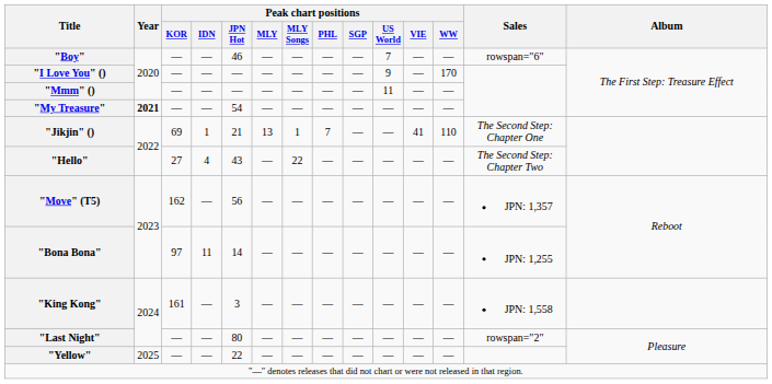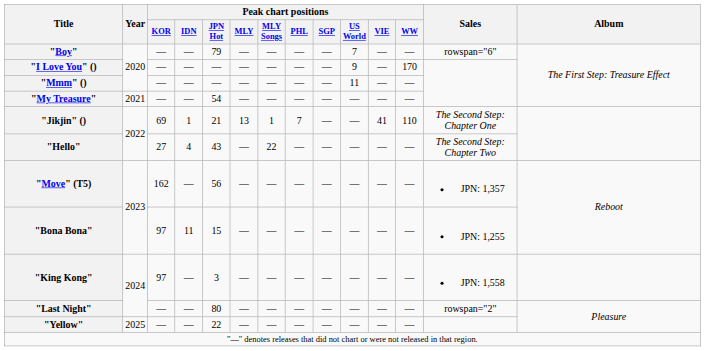 <table class="wikitable plainrowheaders" style="text-align:center;">
 <tr>
 <th scope="col" rowspan="2" style="width:11.5em;">Title</th>
 <th scope="col" rowspan="2" style="width:2em;">Year</th>
 <th scope="col" colspan="10">Peak chart positions</th>
 <th scope="col" rowspan="2" style="width:9em;">Sales</th>
 <th scope="col" rowspan="2" style="width:18em;">Album</th>
 </tr>
 <tr>
 <th scope="col" style="width:2.8em;font-size:85%;"><a href='#'>KOR</a><br></th>
 <th scope="col" style="width:2.8em;font-size:85%"><a href='#'>IDN</a><br></th>
 <th scope="col" style="width:2.8em;font-size:85%"><a href='#'>JPN<br>Hot</a><br></th>
 <th scope="col" style="width:2.8em;font-size:85%;"><a href='#'>MLY</a><br></th>
 <th scope="col" style="width:2.8em;font-size:85%"><a href='#'>MLY<br>Songs</a><br></th>
 <th scope="col" style="width:2.8em;font-size:85%"><a href='#'>PHL</a><br></th>
 <th scope="col" style="width:2.8em;font-size:85%"><a href='#'>SGP</a><br></th>
 <th scope="col" style="width:2.8em;font-size:85%;"><a href='#'>US<br>World</a><br></th>
 <th scope="col" style="width:2.8em;font-size:85%;"><a href='#'>VIE</a><br></th>
 <th scope="col" style="width:2.8em;font-size:85%;"><a href='#'>WW</a><br></th>
 </tr>
 <tr>
 <th scope="row">"<a href='#'>Boy</a>"</th>
 <td rowspan="3">2020</td>
 <td>—</td>
 <td>—</td>
-<td>46</td>
+<td>79</td>
 <td>—</td>
 <td>—</td>
 <td>—</td>
 <td>—</td>
 <td>7</td>
 <td>—</td>
 <td>—</td>
 <td>rowspan="6" </td>
 <td rowspan="4"><em>The First Step: Treasure Effect</em></td>
 </tr>
 <tr>
 <th scope="row">"<a href='#'>I Love You</a>" ()</th>
 <td>—</td>
 <td>—</td>
 <td>—</td>
 <td>—</td>
 <td>—</td>
 <td>—</td>
 <td>—</td>
 <td>9</td>
 <td>—</td>
 <td>170</td>
 </tr>
 <tr>
 <th scope="row">"<a href='#'>Mmm</a>" ()</th>
 <td>—</td>
 <td>—</td>
 <td>—</td>
 <td>—</td>
 <td>—</td>
 <td>—</td>
 <td>—</td>
 <td>11</td>
 <td>—</td>
 <td>—</td>
 </tr>
 <tr>
 <th scope="row">"<a href='#'>My Treasure</a>"</th>
-<td><strong>2021</strong></td>
+<td>2021</td>
 <td>—</td>
 <td>—</td>
 <td>54</td>
 <td>—</td>
 <td>—</td>
 <td>—</td>
 <td>—</td>
 <td>—</td>
 <td>—</td>
 <td>—</td>
 </tr>
 <tr>
 <th scope="row">"Jikjin" ()</th>
 <td rowspan="2">2022</td>
 <td>69</td>
 <td>1</td>
 <td>21</td>
 <td>13</td>
 <td>1</td>
 <td>7</td>
 <td>—</td>
 <td>—</td>
 <td>41</td>
 <td>110</td>
 <td><em>The Second Step: Chapter One</em></td>
 </tr>
 <tr>
 <th scope="row">"Hello"</th>
 <td>27</td>
 <td>4</td>
 <td>43</td>
 <td>—</td>
 <td>22</td>
 <td>—</td>
 <td>—</td>
 <td>—</td>
 <td>—</td>
 <td>—</td>
 <td><em>The Second Step: Chapter Two</em></td>
 </tr>
 <tr>
 <th scope="row">"<a href='#'>Move</a>" (T5)</th>
 <td rowspan="2">2023</td>
 <td>162</td>
 <td>—</td>
 <td>56</td>
 <td>—</td>
 <td>—</td>
 <td>—</td>
 <td>—</td>
 <td>—</td>
 <td>—</td>
 <td>—</td>
 <td><br><ul><li>JPN: 1,357</li></ul></td>
 <td rowspan="2"><em>Reboot</em></td>
 </tr>
 <tr>
 <th scope="row">"Bona Bona"</th>
 <td>97</td>
 <td>11</td>
-<td>14</td>
+<td>15</td>
 <td>—</td>
 <td>—</td>
 <td>—</td>
 <td>—</td>
 <td>—</td>
 <td>—</td>
 <td>—</td>
 <td><br><ul><li>JPN: 1,255</li></ul></td>
 </tr>
 <tr>
 <th scope="row">"King Kong"</th>
 <td rowspan="2">2024</td>
-<td>161</td>
+<td>97</td>
 <td>—</td>
 <td>3</td>
 <td>—</td>
 <td>—</td>
 <td>—</td>
 <td>—</td>
 <td>—</td>
 <td>—</td>
 <td>—</td>
 <td><br><ul><li>JPN: 1,558</li></ul></td>
 <td></td>
 </tr>
 <tr>
 <th scope="row">"Last Night"</th>
 <td>—</td>
 <td>—</td>
 <td>80</td>
 <td>—</td>
 <td>—</td>
 <td>—</td>
 <td>—</td>
 <td>—</td>
 <td>—</td>
 <td>—</td>
 <td>rowspan="2" </td>
 <td rowspan="2"><em>Pleasure</em></td>
 </tr>
 <tr>
 <th scope="row">"Yellow"</th>
 <td>2025</td>
 <td>—</td>
 <td>—</td>
 <td>22</td>
 <td>—</td>
 <td>—</td>
 <td>—</td>
 <td>—</td>
 <td>—</td>
 <td>—</td>
 <td>—</td>
 </tr>
 <tr>
 <td colspan="14" style="font-size:85%">"—" denotes releases that did not chart or were not released in that region.</td>
 </tr>
 </table>
